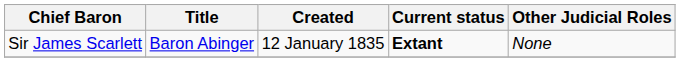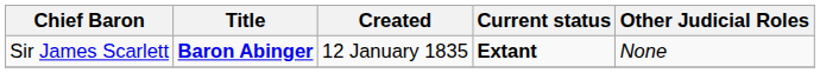 <table class="wikitable">
 <tr>
 <th>Chief Baron</th>
 <th>Title</th>
 <th>Created</th>
 <th>Current status</th>
 <th>Other Judicial Roles</th>
 </tr>
 <tr>
 <td>Sir <a href='#'>James Scarlett</a></td>
-<td><a href='#'>Baron Abinger</a></td>
+<td><strong><a href='#'>Baron Abinger</a></strong></td>
 <td>12 January 1835</td>
 <td><strong>Extant</strong></td>
 <td><em>None</em></td>
 </tr>
 <tr>
 </tr>
 </table>
